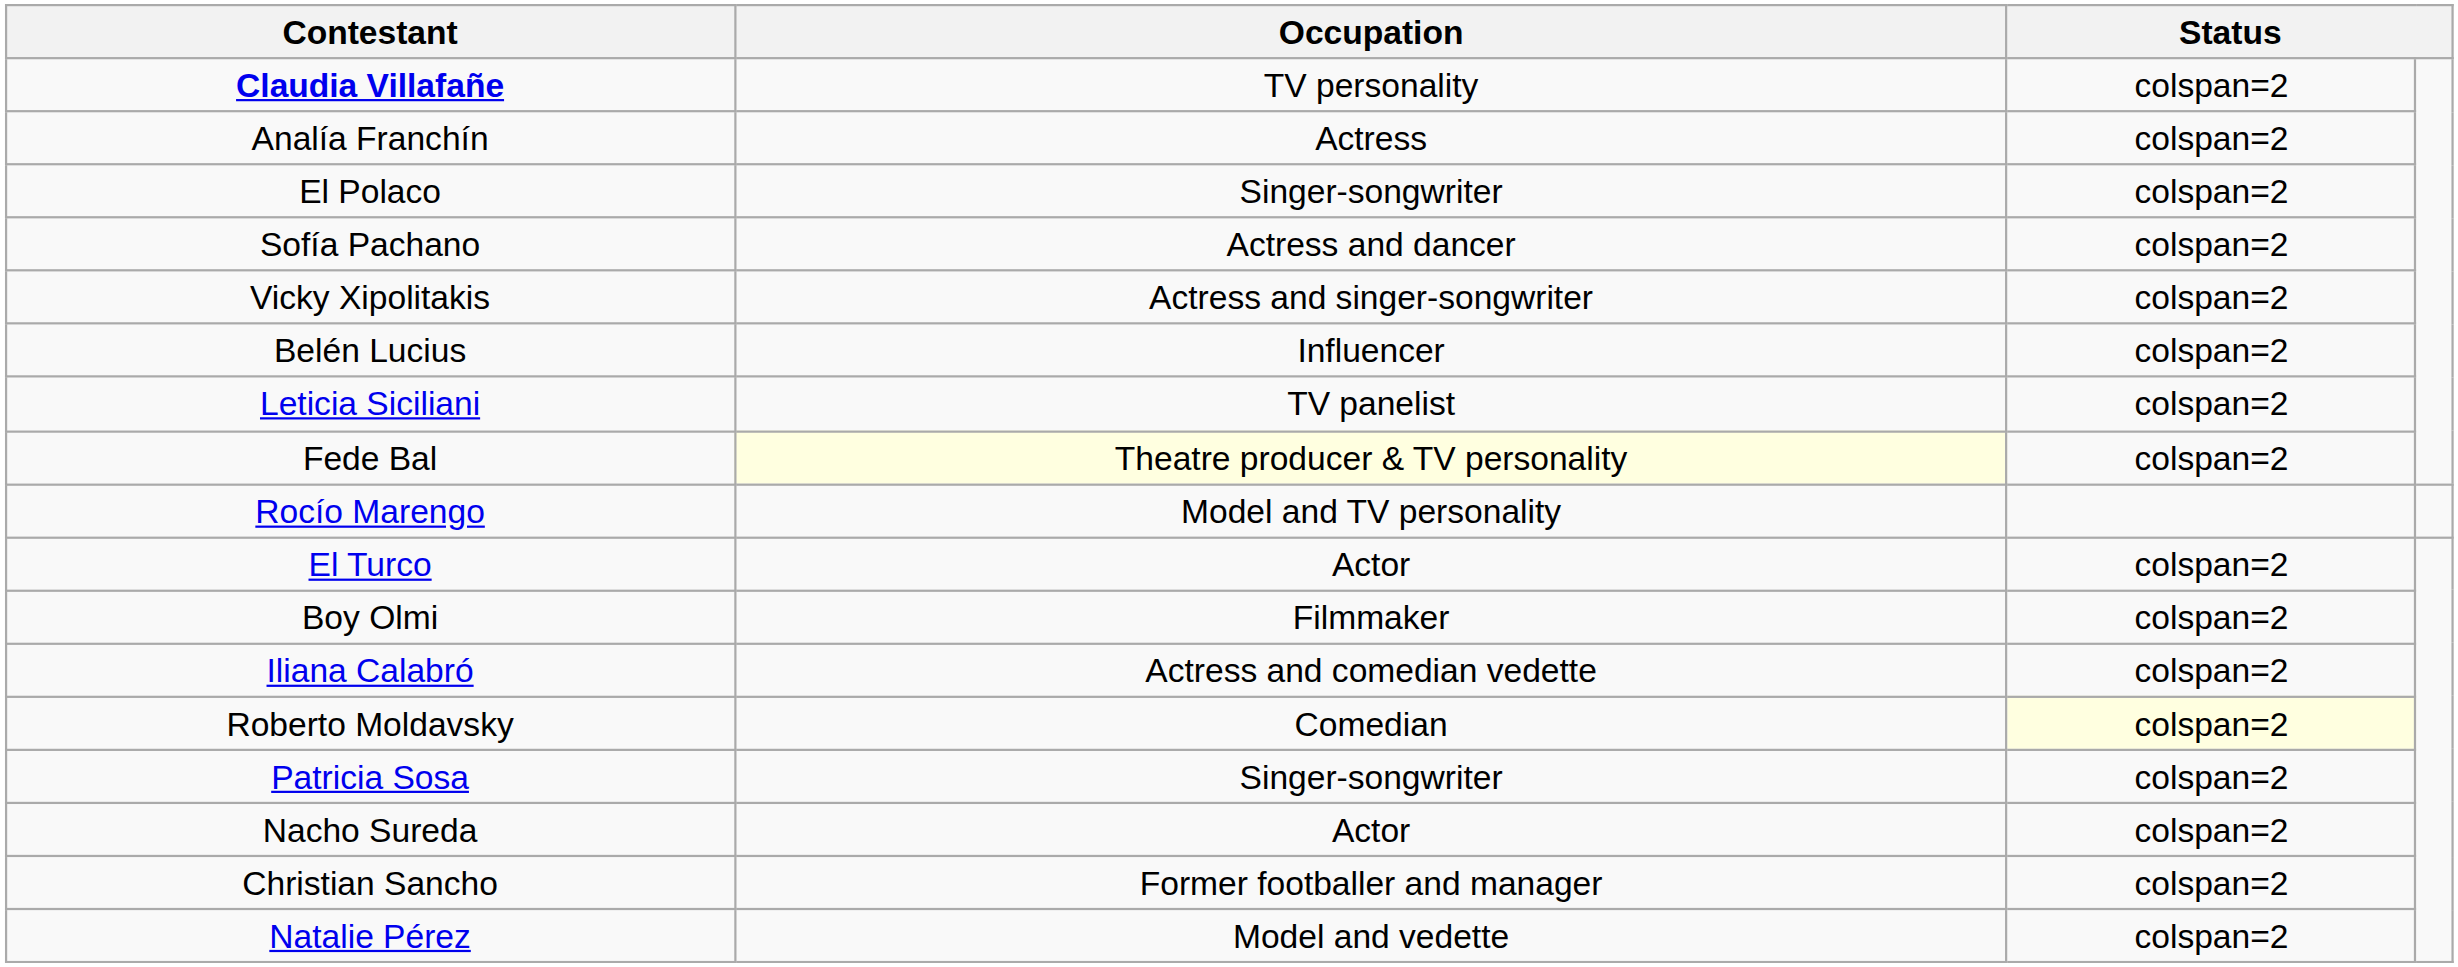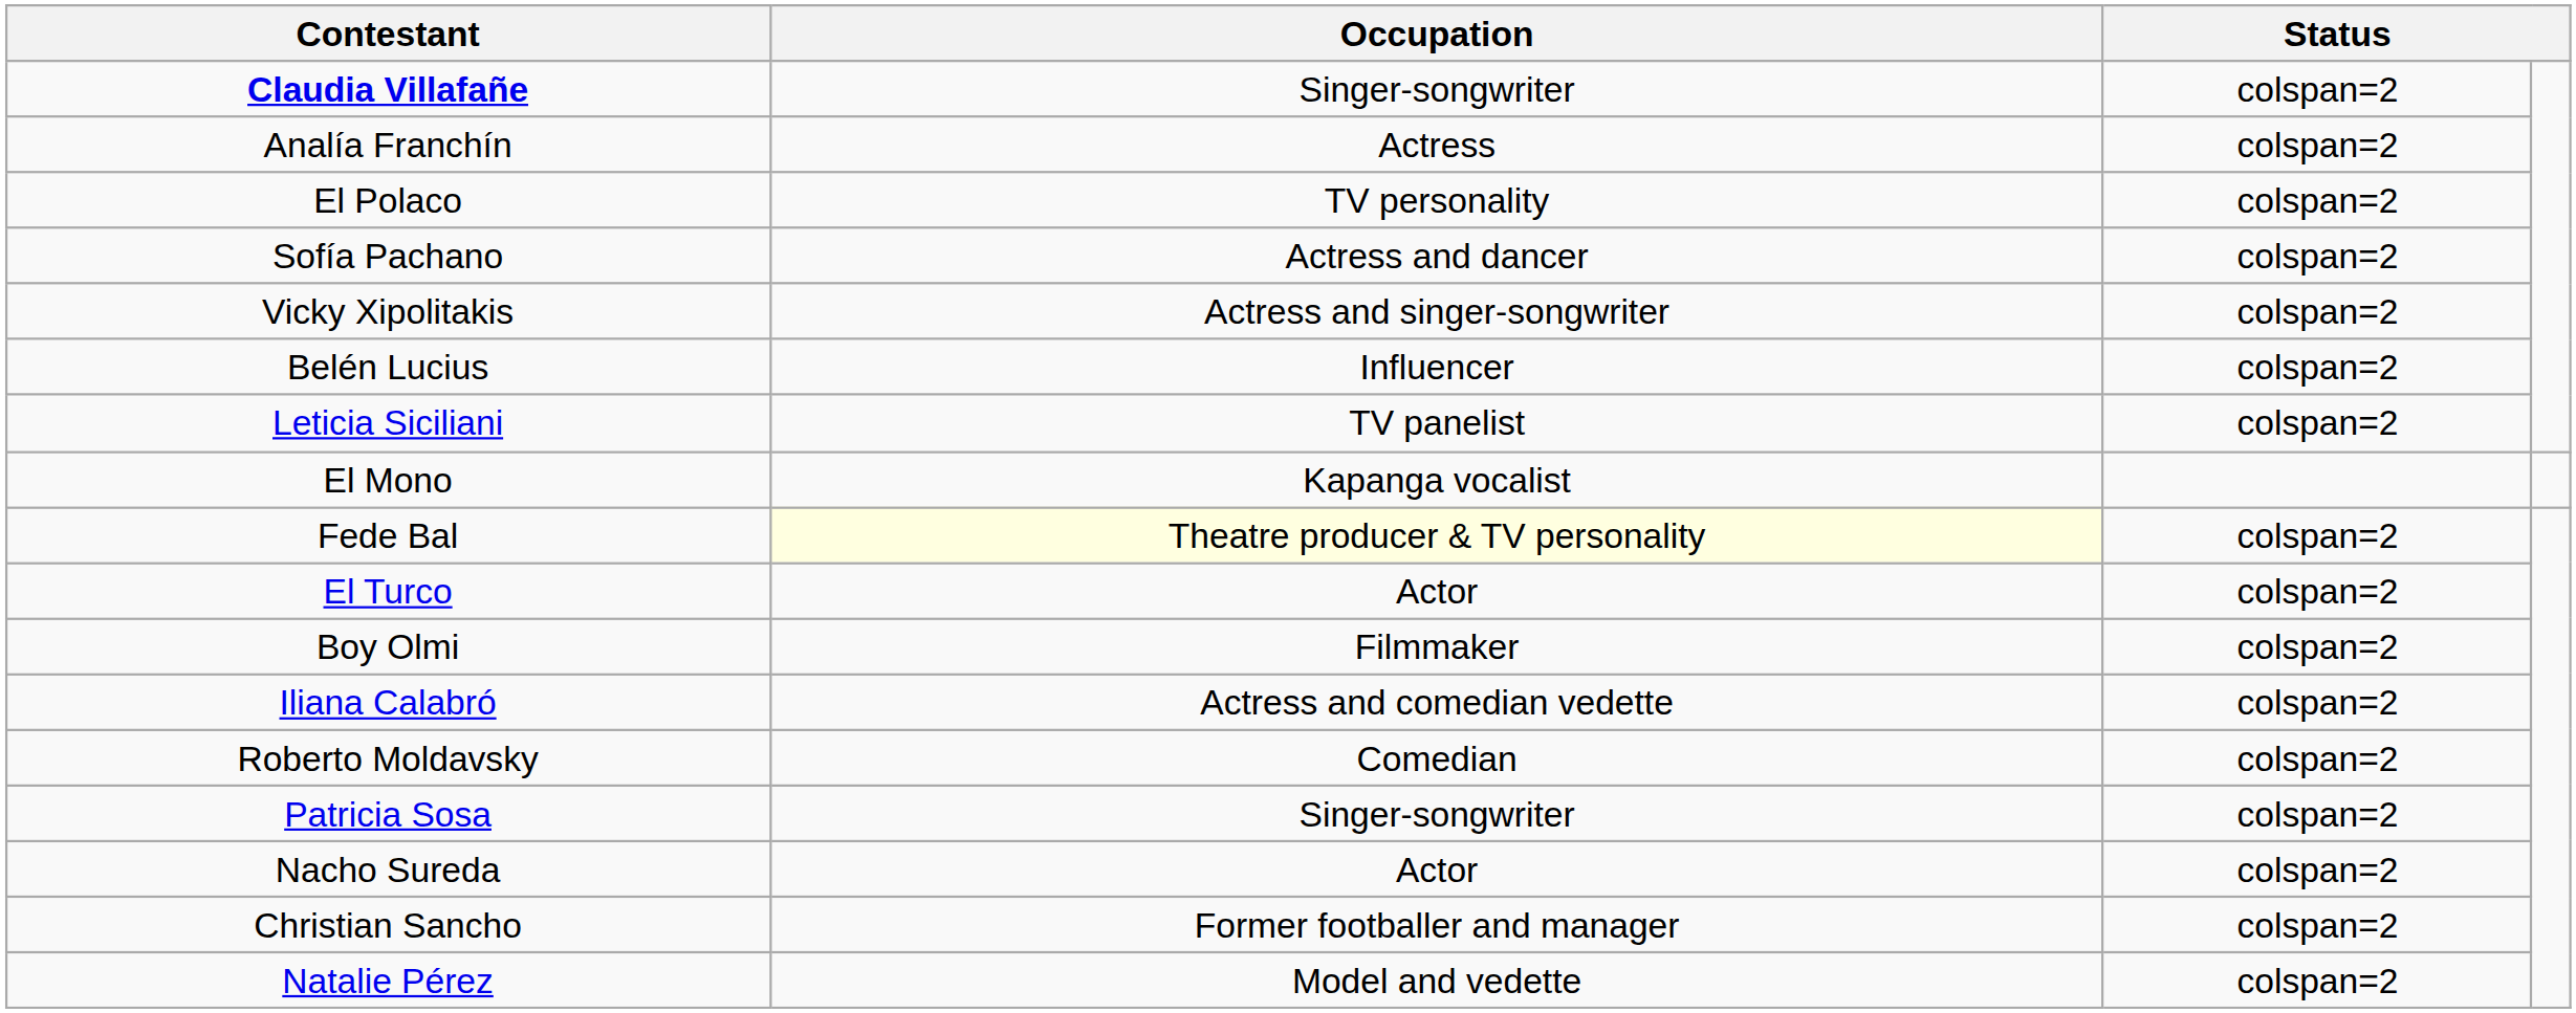 <table class="wikitable" style="margin:auto; text-align:center; width:70%; font-size:95%">
 <tr>
 <th>Contestant</th>
 <th>Occupation</th>
 <th colspan=2>Status</th>
 </tr>
 <tr>
 <td><strong><a href='#'>Claudia Villafañe</a></strong></td>
-<td>TV personality</td>
+<td>Singer-songwriter</td>
 <td>colspan=2 </td>
 </tr>
 <tr>
 <td>Analía Franchín</td>
 <td>Actress</td>
 <td>colspan=2 </td>
 </tr>
 <tr>
 <td>El Polaco</td>
-<td>Singer-songwriter</td>
+<td>TV personality</td>
 <td>colspan=2 </td>
 </tr>
 <tr>
 <td>Sofía Pachano</td>
 <td>Actress and dancer</td>
 <td>colspan=2 </td>
 </tr>
 <tr>
 <td>Vicky Xipolitakis</td>
 <td>Actress and singer-songwriter</td>
 <td>colspan=2 </td>
 </tr>
 <tr>
 <td>Belén Lucius</td>
 <td>Influencer</td>
 <td>colspan=2 </td>
 </tr>
 <tr>
 <td><a href='#'>Leticia Siciliani</a></td>
 <td>TV panelist</td>
 <td>colspan=2 </td>
 </tr>
 <tr>
+<td>El Mono</td>
+<td>Kapanga vocalist</td>
+<td></td>
+<td></td>
+</tr>
+<tr>
 <td>Fede Bal</td>
 <td style="background: lightyellow;">Theatre producer & TV personality</td>
 <td>colspan=2 </td>
-</tr>
-<tr>
-<td><a href='#'>Rocío Marengo</a></td>
-<td>Model and TV personality</td>
-<td></td>
-<td></td>
 </tr>
 <tr>
 <td><a href='#'>El Turco</a></td>
 <td>Actor</td>
 <td>colspan=2 </td>
 </tr>
 <tr>
 <td>Boy Olmi</td>
 <td>Filmmaker</td>
 <td>colspan=2 </td>
 </tr>
 <tr>
 <td><a href='#'>Iliana Calabró</a></td>
 <td>Actress and comedian vedette</td>
 <td>colspan=2 </td>
 </tr>
 <tr>
 <td>Roberto Moldavsky</td>
 <td>Comedian</td>
-<td style="background: lightyellow;">colspan=2 </td>
+<td>colspan=2 </td>
 </tr>
 <tr>
 <td><a href='#'>Patricia Sosa</a></td>
 <td>Singer-songwriter</td>
 <td>colspan=2 </td>
 </tr>
 <tr>
 <td>Nacho Sureda</td>
 <td>Actor</td>
 <td>colspan=2 </td>
 </tr>
 <tr>
 <td>Christian Sancho</td>
 <td>Former footballer and manager</td>
 <td>colspan=2 </td>
 </tr>
 <tr>
 <td><a href='#'>Natalie Pérez</a></td>
 <td>Model and vedette</td>
 <td>colspan=2 </td>
 </tr>
 </table>
